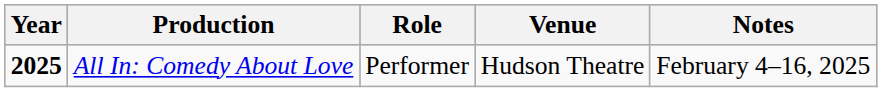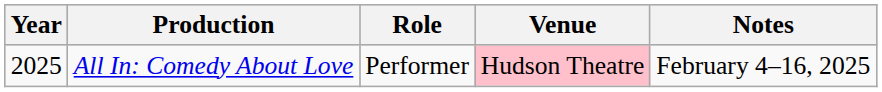 <table class="wikitable sortable">
 <tr>
 <th>Year</th>
 <th>Production</th>
 <th>Role</th>
 <th>Venue</th>
 <th>Notes</th>
 </tr>
 <tr>
-<td><strong>2025</strong></td>
+<td>2025</td>
 <td><em><a href='#'>All In: Comedy About Love</a></em></td>
 <td>Performer</td>
-<td>Hudson Theatre</td>
+<td style="background: pink;">Hudson Theatre</td>
 <td>February 4–16, 2025</td>
 </tr>
 </table>
